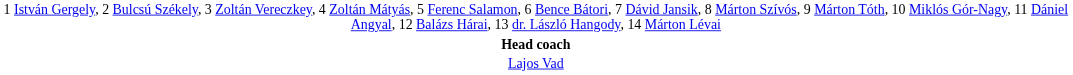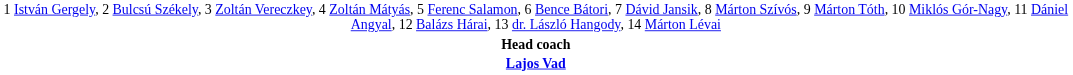 <table style="text-align: center; margin-top: 2em; margin-left: auto; margin-right: auto">
 <tr>
 <td>1 <a href='#'>István Gergely</a>, 2 <a href='#'>Bulcsú Székely</a>, 3 <a href='#'>Zoltán Vereczkey</a>, 4 <a href='#'>Zoltán Mátyás</a>, 5 <a href='#'>Ferenc Salamon</a>, 6 <a href='#'>Bence Bátori</a>, 7 <a href='#'>Dávid Jansik</a>, 8 <a href='#'>Márton Szívós</a>, 9 <a href='#'>Márton Tóth</a>, 10 <a href='#'>Miklós Gór-Nagy</a>, 11 <a href='#'>Dániel Angyal</a>, 12 <a href='#'>Balázs Hárai</a>, 13 <a href='#'>dr. László Hangody</a>, 14 <a href='#'>Márton Lévai</a></td>
 </tr>
 <tr>
 <td><strong>Head coach</strong></td>
 </tr>
 <tr>
-<td><a href='#'>Lajos Vad</a></td>
+<td><strong><a href='#'>Lajos Vad</a></strong></td>
 </tr>
 </table>
